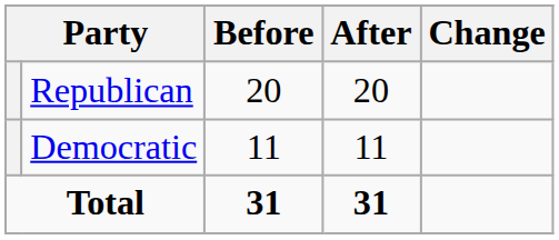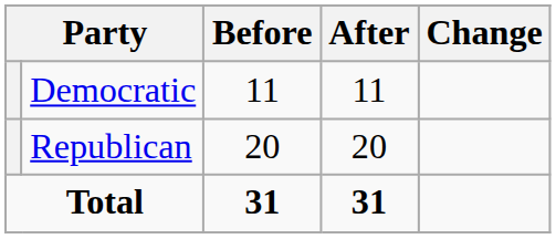 <table class="wikitable" style="text-align:center;">
 <tr>
 </tr>
 <tr>
 <th colspan=2>Party</th>
 <th>Before</th>
 <th>After</th>
 <th>Change</th>
 </tr>
 <tr>
 <th style="background-color:"></th>
-<td style="text-align:left;"><a href='#'>Republican</a></td>
-<td>20</td>
-<td>20</td>
+<td style="text-align:left;"><a href='#'>Democratic</a></td>
+<td>11</td>
+<td>11</td>
 <td></td>
 </tr>
 <tr>
 <th style="background-color:"></th>
-<td style="text-align:left;"><a href='#'>Democratic</a></td>
-<td>11</td>
-<td>11</td>
+<td style="text-align:left;"><a href='#'>Republican</a></td>
+<td>20</td>
+<td>20</td>
 <td></td>
 </tr>
 <tr>
 <td colspan=2><strong>Total</strong></td>
 <td><strong>31</strong></td>
 <td><strong>31</strong></td>
 <td></td>
 </tr>
 </table>
